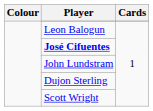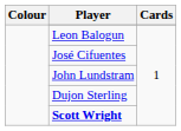 <table class="wikitable" style="text-align:center">
 <tr>
 <th>Colour</th>
 <th>Player</th>
 <th>Cards</th>
 </tr>
 <tr>
 <td rowspan=6></td>
 </tr>
 <tr>
 <td align=left><a href='#'>Leon Balogun</a></td>
 <td rowspan=5>1</td>
 </tr>
 <tr>
-<td align=left><strong><a href='#'>José Cifuentes</a></strong></td>
+<td align=left><a href='#'>José Cifuentes</a></td>
 </tr>
 <tr>
 <td align=left><a href='#'>John Lundstram</a></td>
 </tr>
 <tr>
 <td align=left><a href='#'>Dujon Sterling</a></td>
 </tr>
 <tr>
-<td align=left><a href='#'>Scott Wright</a></td>
+<td align=left><strong><a href='#'>Scott Wright</a></strong></td>
 </tr>
 </table>
